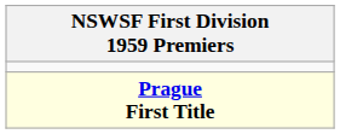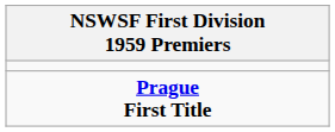 <table class="wikitable" style="text-align: center; margin: 0 auto; width: 20%">
 <tr>
 <th>NSWSF First Division<br>1959 Premiers</th>
 </tr>
 <tr>
 <td></td>
 </tr>
 <tr>
-<td style="background: lightyellow;"><strong><a href='#'>Prague</a></strong><br><strong>First Title</strong></td>
+<td><strong><a href='#'>Prague</a></strong><br><strong>First Title</strong></td>
 </tr>
 </table>
